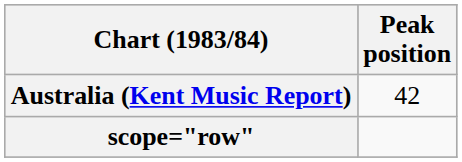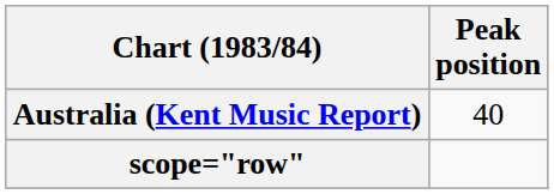 <table class="wikitable sortable plainrowheaders">
 <tr>
 <th scope="col">Chart (1983/84)</th>
 <th scope="col">Peak<br>position</th>
 </tr>
 <tr>
 <th scope="row">Australia (<a href='#'>Kent Music Report</a>)</th>
-<td style="text-align:center;">42</td>
+<td style="text-align:center;">40</td>
 </tr>
 <tr>
 <th>scope="row"</th>
 </tr>
 </table>
